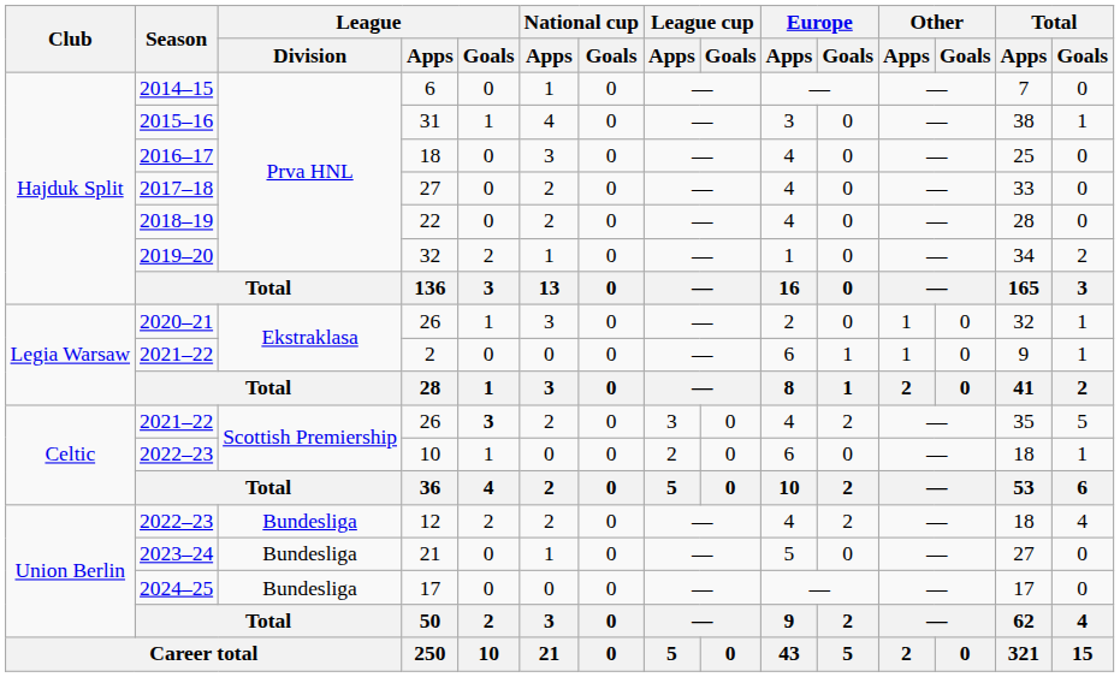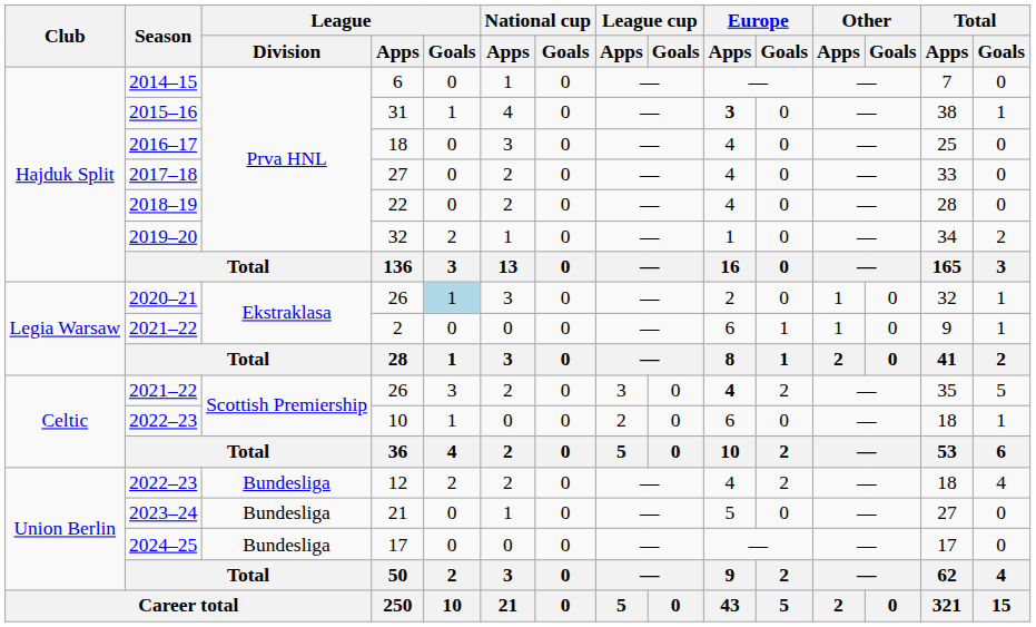 <table class="wikitable" style="text-align:center">
 <tr>
 <th rowspan="2">Club</th>
 <th rowspan="2">Season</th>
 <th colspan="3">League</th>
 <th colspan="2">National cup</th>
 <th colspan="2">League cup</th>
 <th colspan="2"><a href='#'>Europe</a></th>
 <th colspan="2">Other</th>
 <th colspan="2">Total</th>
 </tr>
 <tr>
 <th>Division</th>
 <th>Apps</th>
 <th>Goals</th>
 <th>Apps</th>
 <th>Goals</th>
 <th>Apps</th>
 <th>Goals</th>
 <th>Apps</th>
 <th>Goals</th>
 <th>Apps</th>
 <th>Goals</th>
 <th>Apps</th>
 <th>Goals</th>
 </tr>
 <tr>
 <td rowspan="7"><a href='#'>Hajduk Split</a></td>
 <td><a href='#'>2014–15</a></td>
 <td rowspan="6"><a href='#'>Prva HNL</a></td>
 <td>6</td>
 <td>0</td>
 <td>1</td>
 <td>0</td>
 <td colspan="2">—</td>
 <td colspan="2">—</td>
 <td colspan="2">—</td>
 <td>7</td>
 <td>0</td>
 </tr>
 <tr>
 <td><a href='#'>2015–16</a></td>
 <td>31</td>
 <td>1</td>
 <td>4</td>
 <td>0</td>
 <td colspan="2">—</td>
-<td>3</td>
+<td><strong>3</strong></td>
 <td>0</td>
 <td colspan="2">—</td>
 <td>38</td>
 <td>1</td>
 </tr>
 <tr>
 <td><a href='#'>2016–17</a></td>
 <td>18</td>
 <td>0</td>
 <td>3</td>
 <td>0</td>
 <td colspan="2">—</td>
 <td>4</td>
 <td>0</td>
 <td colspan="2">—</td>
 <td>25</td>
 <td>0</td>
 </tr>
 <tr>
 <td><a href='#'>2017–18</a></td>
 <td>27</td>
 <td>0</td>
 <td>2</td>
 <td>0</td>
 <td colspan="2">—</td>
 <td>4</td>
 <td>0</td>
 <td colspan="2">—</td>
 <td>33</td>
 <td>0</td>
 </tr>
 <tr>
 <td><a href='#'>2018–19</a></td>
 <td>22</td>
 <td>0</td>
 <td>2</td>
 <td>0</td>
 <td colspan="2">—</td>
 <td>4</td>
 <td>0</td>
 <td colspan="2">—</td>
 <td>28</td>
 <td>0</td>
 </tr>
 <tr>
 <td><a href='#'>2019–20</a></td>
 <td>32</td>
 <td>2</td>
 <td>1</td>
 <td>0</td>
 <td colspan="2">—</td>
 <td>1</td>
 <td>0</td>
 <td colspan="2">—</td>
 <td>34</td>
 <td>2</td>
 </tr>
 <tr>
 <th colspan="2">Total</th>
 <th>136</th>
 <th>3</th>
 <th>13</th>
 <th>0</th>
 <th colspan="2">—</th>
 <th>16</th>
 <th>0</th>
 <th colspan="2">—</th>
 <th>165</th>
 <th>3</th>
 </tr>
 <tr>
 <td rowspan="3"><a href='#'>Legia Warsaw</a></td>
 <td><a href='#'>2020–21</a></td>
 <td rowspan="2"><a href='#'>Ekstraklasa</a></td>
 <td>26</td>
-<td>1</td>
+<td style="background: lightblue;">1</td>
 <td>3</td>
 <td>0</td>
 <td colspan="2">—</td>
 <td>2</td>
 <td>0</td>
 <td>1</td>
 <td>0</td>
 <td>32</td>
 <td>1</td>
 </tr>
 <tr>
 <td><a href='#'>2021–22</a></td>
 <td>2</td>
 <td>0</td>
 <td>0</td>
 <td>0</td>
 <td colspan="2">—</td>
 <td>6</td>
 <td>1</td>
 <td>1</td>
 <td>0</td>
 <td>9</td>
 <td>1</td>
 </tr>
 <tr>
 <th colspan="2">Total</th>
 <th>28</th>
 <th>1</th>
 <th>3</th>
 <th>0</th>
 <th colspan="2">—</th>
 <th>8</th>
 <th>1</th>
 <th>2</th>
 <th>0</th>
 <th>41</th>
 <th>2</th>
 </tr>
 <tr>
 <td rowspan="3"><a href='#'>Celtic</a></td>
 <td><a href='#'>2021–22</a></td>
 <td rowspan="2"><a href='#'>Scottish Premiership</a></td>
 <td>26</td>
-<td><strong>3</strong></td>
+<td>3</td>
 <td>2</td>
 <td>0</td>
 <td>3</td>
 <td>0</td>
-<td>4</td>
+<td><strong>4</strong></td>
 <td>2</td>
 <td colspan="2">—</td>
 <td>35</td>
 <td>5</td>
 </tr>
 <tr>
 <td><a href='#'>2022–23</a></td>
 <td>10</td>
 <td>1</td>
 <td>0</td>
 <td>0</td>
 <td>2</td>
 <td>0</td>
 <td>6</td>
 <td>0</td>
 <td colspan="2">—</td>
 <td>18</td>
 <td>1</td>
 </tr>
 <tr>
 <th colspan="2">Total</th>
 <th>36</th>
 <th>4</th>
 <th>2</th>
 <th>0</th>
 <th>5</th>
 <th>0</th>
 <th>10</th>
 <th>2</th>
 <th colspan="2">—</th>
 <th>53</th>
 <th>6</th>
 </tr>
 <tr>
 <td rowspan="4"><a href='#'>Union Berlin</a></td>
 <td><a href='#'>2022–23</a></td>
 <td><a href='#'>Bundesliga</a></td>
 <td>12</td>
 <td>2</td>
 <td>2</td>
 <td>0</td>
 <td colspan="2">—</td>
 <td>4</td>
 <td>2</td>
 <td colspan="2">—</td>
 <td>18</td>
 <td>4</td>
 </tr>
 <tr>
 <td><a href='#'>2023–24</a></td>
 <td>Bundesliga</td>
 <td>21</td>
 <td>0</td>
 <td>1</td>
 <td>0</td>
 <td colspan="2">—</td>
 <td>5</td>
 <td>0</td>
 <td colspan="2">—</td>
 <td>27</td>
 <td>0</td>
 </tr>
 <tr>
 <td><a href='#'>2024–25</a></td>
 <td>Bundesliga</td>
 <td>17</td>
 <td>0</td>
 <td>0</td>
 <td>0</td>
 <td colspan="2">—</td>
 <td colspan="2">—</td>
 <td colspan="2">—</td>
 <td>17</td>
 <td>0</td>
 </tr>
 <tr>
 <th colspan="2">Total</th>
 <th>50</th>
 <th>2</th>
 <th>3</th>
 <th>0</th>
 <th colspan="2">—</th>
 <th>9</th>
 <th>2</th>
 <th colspan="2">—</th>
 <th>62</th>
 <th>4</th>
 </tr>
 <tr>
 <th colspan="3">Career total</th>
 <th>250</th>
 <th>10</th>
 <th>21</th>
 <th>0</th>
 <th>5</th>
 <th>0</th>
 <th>43</th>
 <th>5</th>
 <th>2</th>
 <th>0</th>
 <th>321</th>
 <th>15</th>
 </tr>
 </table>
